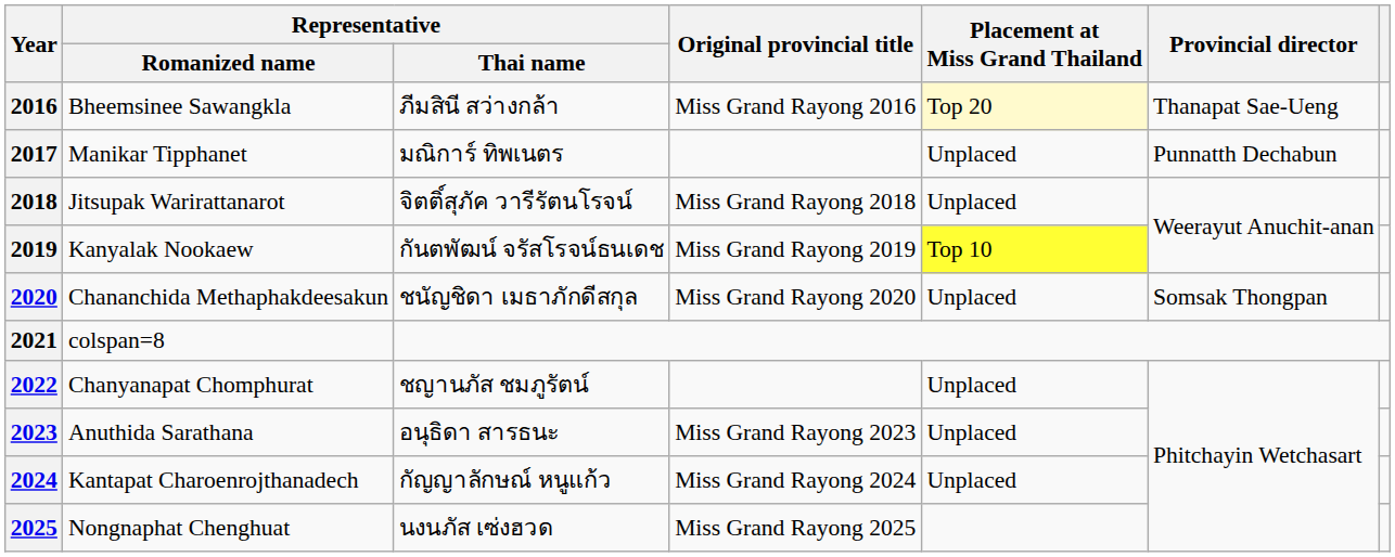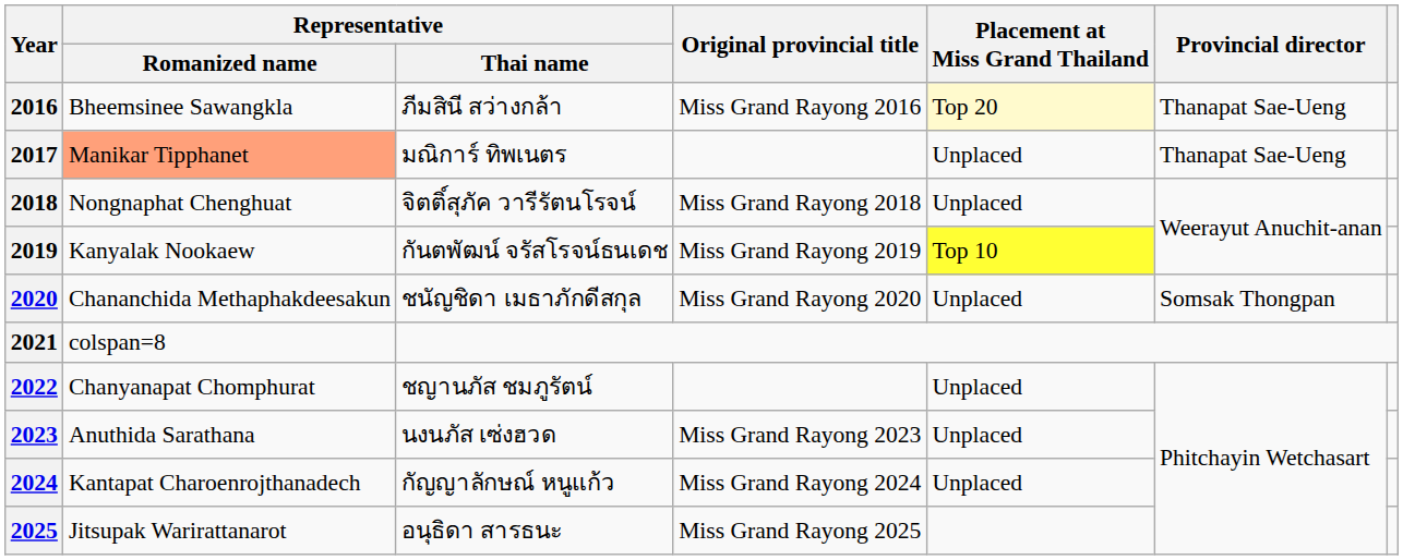 <table class="wikitable defaultcenter col2left col3left col6left" style="font-size:95%;">
 <tr>
 <th rowspan=2>Year</th>
 <th colspan=2>Representative</th>
 <th rowspan=2>Original provincial title</th>
 <th rowspan=2>Placement at<br>Miss Grand Thailand</th>
 <th rowspan=2>Provincial director</th>
 <th rowspan=2></th>
 </tr>
 <tr>
 <th>Romanized name</th>
 <th>Thai name</th>
 </tr>
 <tr>
 <th>2016</th>
 <td>Bheemsinee Sawangkla</td>
 <td>ภีมสินี สว่างกล้า</td>
 <td>Miss Grand Rayong 2016</td>
 <td bgcolor=#FFFACD>Top 20</td>
 <td>Thanapat Sae-Ueng</td>
 <td></td>
 </tr>
 <tr>
 <th>2017</th>
-<td>Manikar Tipphanet</td>
+<td style="background: lightsalmon;">Manikar Tipphanet</td>
 <td>มณิการ์ ทิพเนตร</td>
 <td></td>
 <td>Unplaced</td>
-<td>Punnatth Dechabun</td>
+<td>Thanapat Sae-Ueng</td>
 <td></td>
 </tr>
 <tr>
 <th>2018</th>
-<td>Jitsupak Warirattanarot</td>
+<td>Nongnaphat Chenghuat</td>
 <td>จิตติ์สุภัค วารีรัตนโรจน์</td>
 <td>Miss Grand Rayong 2018</td>
 <td>Unplaced</td>
 <td rowspan=2>Weerayut Anuchit-anan</td>
 <td></td>
 </tr>
 <tr>
 <th>2019</th>
 <td>Kanyalak Nookaew</td>
 <td>กันตพัฒน์ จรัสโรจน์ธนเดช</td>
 <td>Miss Grand Rayong 2019</td>
 <td bgcolor=#FFFF33>Top 10</td>
 <td></td>
 </tr>
 <tr>
 <th><a href='#'>2020</a></th>
 <td>Chananchida Methaphakdeesakun</td>
 <td>ชนัญชิดา เมธาภักดีสกุล</td>
 <td>Miss Grand Rayong 2020</td>
 <td>Unplaced</td>
 <td>Somsak Thongpan</td>
 <td></td>
 </tr>
 <tr>
 <th>2021</th>
 <td>colspan=8 </td>
 </tr>
 <tr>
 <th><a href='#'>2022</a></th>
 <td>Chanyanapat Chomphurat</td>
 <td>ชญานภัส ชมภูรัตน์</td>
 <td></td>
 <td>Unplaced</td>
 <td rowspan=4>Phitchayin Wetchasart</td>
 <td></td>
 </tr>
 <tr>
 <th><a href='#'>2023</a></th>
 <td>Anuthida Sarathana</td>
-<td>อนุธิดา สารธนะ</td>
+<td>นงนภัส เซ่งฮวด</td>
 <td>Miss Grand Rayong 2023</td>
 <td>Unplaced</td>
 <td></td>
 </tr>
 <tr>
 <th><a href='#'>2024</a></th>
 <td>Kantapat Charoenrojthanadech</td>
 <td>กัญญาลักษณ์ หนูแก้ว</td>
 <td>Miss Grand Rayong 2024</td>
 <td>Unplaced</td>
 <td></td>
 </tr>
 <tr>
 <th><a href='#'>2025</a></th>
-<td>Nongnaphat Chenghuat</td>
-<td>นงนภัส เซ่งฮวด</td>
+<td>Jitsupak Warirattanarot</td>
+<td>อนุธิดา สารธนะ</td>
 <td>Miss Grand Rayong 2025</td>
 <td></td>
 </tr>
 </table>
